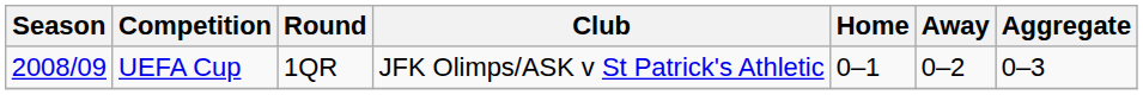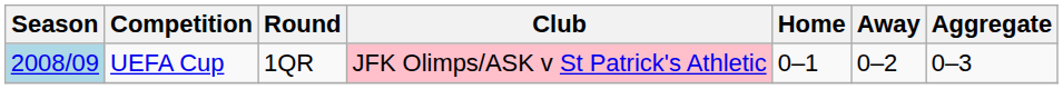 <table class="wikitable">
 <tr>
 <th>Season</th>
 <th>Competition</th>
 <th>Round</th>
 <th>Club</th>
 <th>Home</th>
 <th>Away</th>
 <th>Aggregate</th>
 </tr>
 <tr>
-<td><a href='#'>2008/09</a></td>
+<td style="background: lightblue;"><a href='#'>2008/09</a></td>
 <td><a href='#'>UEFA Cup</a></td>
 <td>1QR</td>
-<td>JFK Olimps/ASK v <a href='#'>St Patrick's Athletic</a> </td>
+<td style="background: pink;">JFK Olimps/ASK v <a href='#'>St Patrick's Athletic</a> </td>
 <td>0–1</td>
 <td>0–2</td>
 <td>0–3</td>
 </tr>
 <tr>
 </tr>
 </table>
